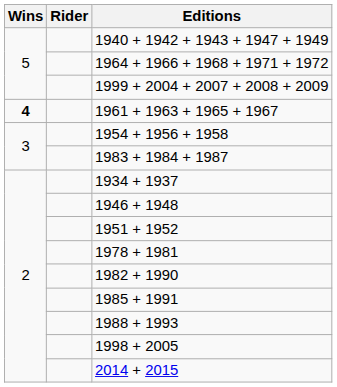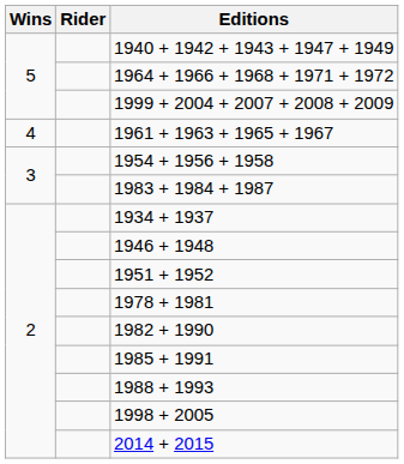 <table class="wikitable">
 <tr>
 <th>Wins</th>
 <th>Rider</th>
 <th>Editions</th>
 </tr>
 <tr>
 <td align=center rowspan= 3>5</td>
 <td></td>
 <td>1940 + 1942 + 1943 + 1947 + 1949</td>
 </tr>
 <tr>
 <td></td>
 <td>1964 + 1966 + 1968 + 1971 + 1972</td>
 </tr>
 <tr>
 <td></td>
 <td>1999 + 2004 + 2007 + 2008 + 2009</td>
 </tr>
 <tr>
-<td align=center><strong>4</strong></td>
+<td align=center>4</td>
 <td></td>
 <td>1961 + 1963 + 1965 + 1967</td>
 </tr>
 <tr>
 <td align=center rowspan= 2>3</td>
 <td></td>
 <td>1954 + 1956 + 1958</td>
 </tr>
 <tr>
 <td></td>
 <td>1983 + 1984 + 1987</td>
 </tr>
 <tr>
 <td align=center rowspan= 9>2</td>
 <td></td>
 <td>1934 + 1937</td>
 </tr>
 <tr>
 <td></td>
 <td>1946 + 1948</td>
 </tr>
 <tr>
 <td></td>
 <td>1951 + 1952</td>
 </tr>
 <tr>
 <td></td>
 <td>1978 + 1981</td>
 </tr>
 <tr>
 <td></td>
 <td>1982 + 1990</td>
 </tr>
 <tr>
 <td></td>
 <td>1985 + 1991</td>
 </tr>
 <tr>
 <td></td>
 <td>1988 + 1993</td>
 </tr>
 <tr>
 <td></td>
 <td>1998 + 2005</td>
 </tr>
 <tr>
 <td></td>
 <td><a href='#'>2014</a> + <a href='#'>2015</a></td>
 </tr>
 </table>
